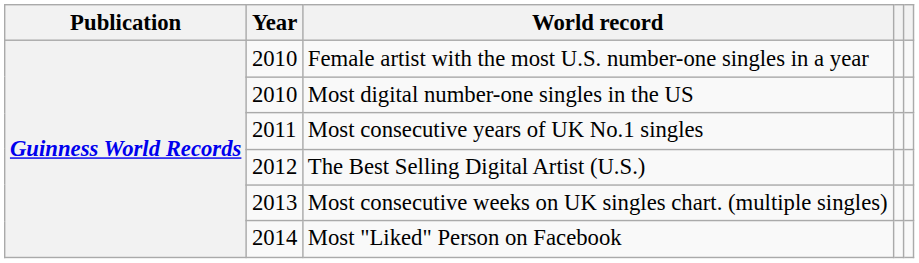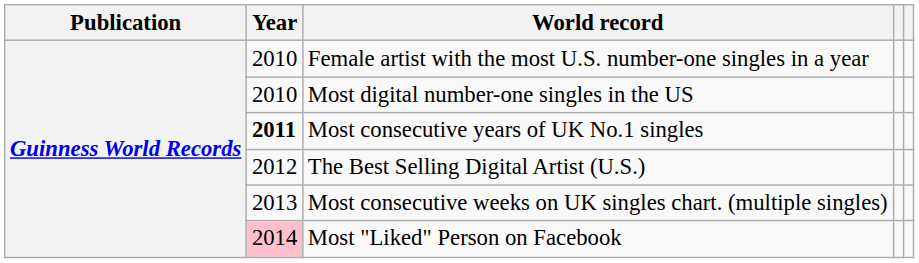 <table class="wikitable plainrowheaders sortable">
 <tr>
 <th>Publication</th>
 <th>Year</th>
 <th>World record</th>
 <th></th>
 <th class="unsortable"></th>
 </tr>
 <tr>
 <th rowspan="6" scope="row"><em><a href='#'>Guinness World Records</a></em></th>
 <td>2010</td>
 <td>Female artist with the most U.S. number-one singles in a year</td>
 <td></td>
 <td></td>
 </tr>
 <tr>
 <td>2010</td>
 <td>Most digital number-one singles in the US</td>
 <td></td>
 <td></td>
 </tr>
 <tr>
-<td>2011</td>
+<td><strong>2011</strong></td>
 <td>Most consecutive years of UK No.1 singles</td>
 <td></td>
 <td></td>
 </tr>
 <tr>
 <td>2012</td>
 <td>The Best Selling Digital Artist (U.S.)</td>
 <td></td>
 <td></td>
 </tr>
 <tr>
 <td>2013</td>
 <td>Most consecutive weeks on UK singles chart. (multiple singles)</td>
 <td></td>
 <td></td>
 </tr>
 <tr>
-<td>2014</td>
+<td style="background: pink;">2014</td>
 <td>Most "Liked" Person on Facebook</td>
 <td></td>
 <td></td>
 </tr>
 </table>
